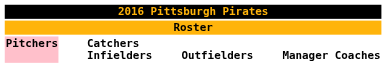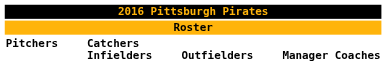 <table class="toccolours" style="font-size: 95%;">
 <tr>
 <th colspan="10" style="background:#000000; color:#FFB40B; text-align:center;">2016 Pittsburgh Pirates</th>
 </tr>
 <tr>
 <td colspan="10" style="background:#FFB40B; color:#000000; text-align:center;"><strong>Roster</strong></td>
 </tr>
 <tr>
-<td valign="top" style="background: pink;"><strong>Pitchers</strong><br>                              </td>
+<td valign="top"><strong>Pitchers</strong><br>                              </td>
 <td style="width:25px;"></td>
 <td valign="top"><strong>Catchers</strong><br>      <strong>Infielders</strong>             </td>
 <td style="width:25px;"></td>
 <td valign="top"><br><strong>Outfielders</strong>     </td>
 <td style="width:25px;"></td>
 <td valign="top"><br><strong>Manager</strong>  <strong>Coaches</strong>                    </td>
 </tr>
 </table>
